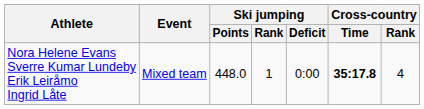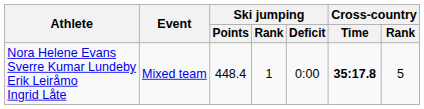 <table class="wikitable" style="font-size:90%">
 <tr>
 <th rowspan="2">Athlete</th>
 <th rowspan="2">Event</th>
 <th colspan="3">Ski jumping</th>
 <th colspan="2">Cross-country</th>
 </tr>
 <tr style="font-size:95%">
 <th>Points</th>
 <th>Rank</th>
 <th>Deficit</th>
 <th>Time</th>
 <th>Rank</th>
 </tr>
 <tr align=center>
 <td align=left><a href='#'>Nora Helene Evans</a><br><a href='#'>Sverre Kumar Lundeby</a><br><a href='#'>Erik Leiråmo</a><br><a href='#'>Ingrid Låte</a></td>
 <td align=left><a href='#'>Mixed team</a></td>
-<td>448.0</td>
+<td>448.4</td>
 <td>1</td>
 <td>0:00</td>
 <td><strong>35:17.8</strong></td>
-<td>4</td>
+<td>5</td>
 </tr>
 </table>
